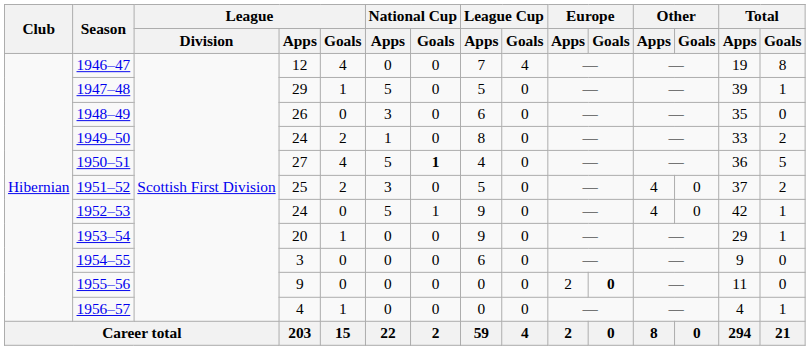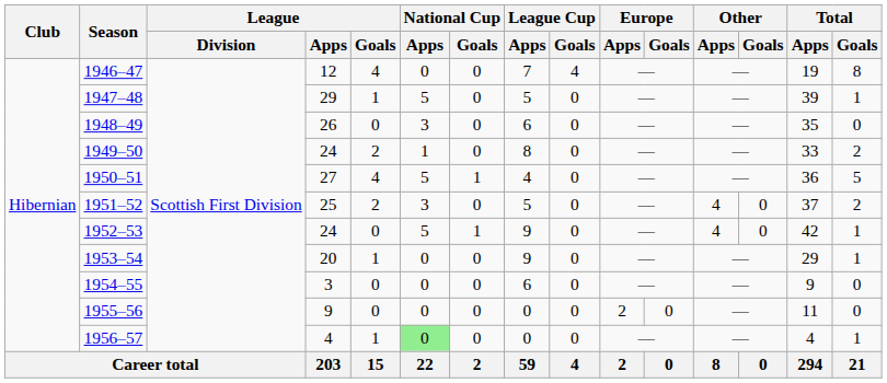 <table class="wikitable" style="text-align: center;">
 <tr>
 <th rowspan="2">Club</th>
 <th rowspan="2">Season</th>
 <th colspan="3">League</th>
 <th colspan="2">National Cup</th>
 <th colspan="2">League Cup</th>
 <th colspan="2">Europe</th>
 <th colspan="2">Other</th>
 <th colspan="2">Total</th>
 </tr>
 <tr>
 <th>Division</th>
 <th>Apps</th>
 <th>Goals</th>
 <th>Apps</th>
 <th>Goals</th>
 <th>Apps</th>
 <th>Goals</th>
 <th>Apps</th>
 <th>Goals</th>
 <th>Apps</th>
 <th>Goals</th>
 <th>Apps</th>
 <th>Goals</th>
 </tr>
 <tr>
 <td rowspan="11"><a href='#'>Hibernian</a></td>
 <td><a href='#'>1946–47</a></td>
 <td rowspan="11"><a href='#'>Scottish First Division</a></td>
 <td>12</td>
 <td>4</td>
 <td>0</td>
 <td>0</td>
 <td>7</td>
 <td>4</td>
 <td colspan="2">—</td>
 <td colspan="2">—</td>
 <td>19</td>
 <td>8</td>
 </tr>
 <tr>
 <td><a href='#'>1947–48</a></td>
 <td>29</td>
 <td>1</td>
 <td>5</td>
 <td>0</td>
 <td>5</td>
 <td>0</td>
 <td colspan="2">—</td>
 <td colspan="2">—</td>
 <td>39</td>
 <td>1</td>
 </tr>
 <tr>
 <td><a href='#'>1948–49</a></td>
 <td>26</td>
 <td>0</td>
 <td>3</td>
 <td>0</td>
 <td>6</td>
 <td>0</td>
 <td colspan="2">—</td>
 <td colspan="2">—</td>
 <td>35</td>
 <td>0</td>
 </tr>
 <tr>
 <td><a href='#'>1949–50</a></td>
 <td>24</td>
 <td>2</td>
 <td>1</td>
 <td>0</td>
 <td>8</td>
 <td>0</td>
 <td colspan="2">—</td>
 <td colspan="2">—</td>
 <td>33</td>
 <td>2</td>
 </tr>
 <tr>
 <td><a href='#'>1950–51</a></td>
 <td>27</td>
 <td>4</td>
 <td>5</td>
-<td><strong>1</strong></td>
+<td>1</td>
 <td>4</td>
 <td>0</td>
 <td colspan="2">—</td>
 <td colspan="2">—</td>
 <td>36</td>
 <td>5</td>
 </tr>
 <tr>
 <td><a href='#'>1951–52</a></td>
 <td>25</td>
 <td>2</td>
 <td>3</td>
 <td>0</td>
 <td>5</td>
 <td>0</td>
 <td colspan="2">—</td>
 <td>4</td>
 <td>0</td>
 <td>37</td>
 <td>2</td>
 </tr>
 <tr>
 <td><a href='#'>1952–53</a></td>
 <td>24</td>
 <td>0</td>
 <td>5</td>
 <td>1</td>
 <td>9</td>
 <td>0</td>
 <td colspan="2">—</td>
 <td>4</td>
 <td>0</td>
 <td>42</td>
 <td>1</td>
 </tr>
 <tr>
 <td><a href='#'>1953–54</a></td>
 <td>20</td>
 <td>1</td>
 <td>0</td>
 <td>0</td>
 <td>9</td>
 <td>0</td>
 <td colspan="2">—</td>
 <td colspan="2">—</td>
 <td>29</td>
 <td>1</td>
 </tr>
 <tr>
 <td><a href='#'>1954–55</a></td>
 <td>3</td>
 <td>0</td>
 <td>0</td>
 <td>0</td>
 <td>6</td>
 <td>0</td>
 <td colspan="2">—</td>
 <td colspan="2">—</td>
 <td>9</td>
 <td>0</td>
 </tr>
 <tr>
 <td><a href='#'>1955–56</a></td>
 <td>9</td>
 <td>0</td>
 <td>0</td>
 <td>0</td>
 <td>0</td>
 <td>0</td>
 <td>2</td>
-<td><strong>0</strong></td>
+<td>0</td>
 <td colspan="2">—</td>
 <td>11</td>
 <td>0</td>
 </tr>
 <tr>
 <td><a href='#'>1956–57</a></td>
 <td>4</td>
 <td>1</td>
-<td>0</td>
+<td style="background: lightgreen;">0</td>
 <td>0</td>
 <td>0</td>
 <td>0</td>
 <td colspan="2">—</td>
 <td colspan="2">—</td>
 <td>4</td>
 <td>1</td>
 </tr>
 <tr>
 <th colspan="3">Career total</th>
 <th>203</th>
 <th>15</th>
 <th>22</th>
 <th>2</th>
 <th>59</th>
 <th>4</th>
 <th>2</th>
 <th>0</th>
 <th>8</th>
 <th>0</th>
 <th>294</th>
 <th>21</th>
 </tr>
 </table>
